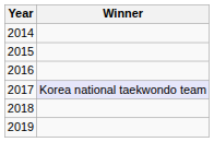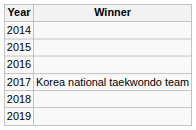 <table class="wikitable">
 <tr>
 <th>Year</th>
 <th>Winner</th>
 </tr>
 <tr>
 <td>2014</td>
 <td></td>
 </tr>
 <tr>
 <td>2015</td>
 <td></td>
 </tr>
 <tr>
 <td>2016</td>
 <td></td>
 </tr>
 <tr>
 <td>2017</td>
-<td style="background: lavender;"> Korea national taekwondo team</td>
+<td> Korea national taekwondo team</td>
 </tr>
 <tr>
 <td>2018</td>
 <td></td>
 </tr>
 <tr>
 <td>2019</td>
 <td></td>
 </tr>
 </table>
